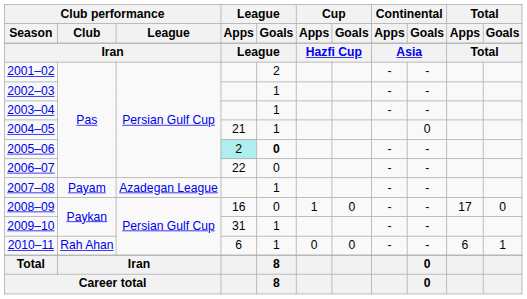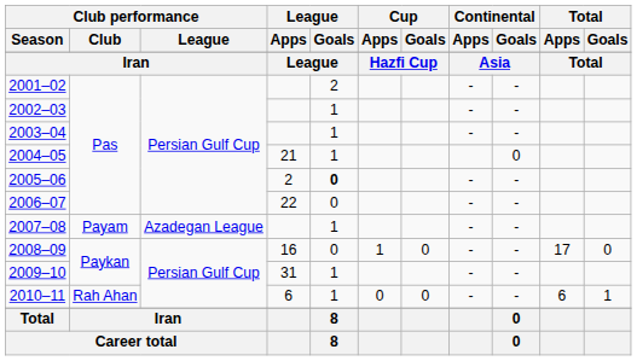 <table class="wikitable" style="text-align:center">
 <tr>
 <th colspan=3>Club performance</th>
 <th colspan=2>League</th>
 <th colspan=2>Cup</th>
 <th colspan=2>Continental</th>
 <th colspan=2>Total</th>
 </tr>
 <tr>
 <th>Season</th>
 <th>Club</th>
 <th>League</th>
 <th>Apps</th>
 <th>Goals</th>
 <th>Apps</th>
 <th>Goals</th>
 <th>Apps</th>
 <th>Goals</th>
 <th>Apps</th>
 <th>Goals</th>
 </tr>
 <tr>
 </tr>
 <tr>
 <th colspan=3>Iran</th>
 <th colspan=2>League</th>
 <th colspan=2><a href='#'>Hazfi Cup</a></th>
 <th colspan=2><a href='#'>Asia</a></th>
 <th colspan=2>Total</th>
 </tr>
 <tr>
 <td><a href='#'>2001–02</a></td>
 <td rowspan="6"><a href='#'>Pas</a></td>
 <td rowspan="6"><a href='#'>Persian Gulf Cup</a></td>
 <td></td>
 <td>2</td>
 <td></td>
 <td></td>
 <td>-</td>
 <td>-</td>
 <td></td>
 <td></td>
 </tr>
 <tr>
 <td><a href='#'>2002–03</a></td>
 <td></td>
 <td>1</td>
 <td></td>
 <td></td>
 <td>-</td>
 <td>-</td>
 <td></td>
 <td></td>
 </tr>
 <tr>
 <td><a href='#'>2003–04</a></td>
 <td></td>
 <td>1</td>
 <td></td>
 <td></td>
 <td>-</td>
 <td>-</td>
 <td></td>
 <td></td>
 </tr>
 <tr>
 <td><a href='#'>2004–05</a></td>
 <td>21</td>
 <td>1</td>
 <td></td>
 <td></td>
 <td></td>
 <td>0</td>
 <td></td>
 <td></td>
 </tr>
 <tr>
 <td><a href='#'>2005–06</a></td>
-<td style="background: paleturquoise;">2</td>
+<td>2</td>
 <td><strong>0</strong></td>
 <td></td>
 <td></td>
 <td>-</td>
 <td>-</td>
 <td></td>
 <td></td>
 </tr>
 <tr>
 <td><a href='#'>2006–07</a></td>
 <td>22</td>
 <td>0</td>
 <td></td>
 <td></td>
 <td>-</td>
 <td>-</td>
 <td></td>
 <td></td>
 </tr>
 <tr>
 <td><a href='#'>2007–08</a></td>
 <td rowspan="1"><a href='#'>Payam</a></td>
 <td rowspan="1"><a href='#'>Azadegan League</a></td>
 <td></td>
 <td>1</td>
 <td></td>
 <td></td>
 <td>-</td>
 <td>-</td>
 <td></td>
 <td></td>
 </tr>
 <tr>
 <td><a href='#'>2008–09</a></td>
 <td rowspan="2"><a href='#'>Paykan</a></td>
 <td rowspan="3"><a href='#'>Persian Gulf Cup</a></td>
 <td>16</td>
 <td>0</td>
 <td>1</td>
 <td>0</td>
 <td>-</td>
 <td>-</td>
 <td>17</td>
 <td>0</td>
 </tr>
 <tr>
 <td><a href='#'>2009–10</a></td>
 <td>31</td>
 <td>1</td>
 <td></td>
 <td></td>
 <td>-</td>
 <td>-</td>
 <td></td>
 <td></td>
 </tr>
 <tr>
 <td><a href='#'>2010–11</a></td>
 <td rowspan="1"><a href='#'>Rah Ahan</a></td>
 <td>6</td>
 <td>1</td>
 <td>0</td>
 <td>0</td>
 <td>-</td>
 <td>-</td>
 <td>6</td>
 <td>1</td>
 </tr>
 <tr>
 </tr>
 <tr>
 <th rowspan=1>Total</th>
 <th colspan=2>Iran</th>
 <th></th>
 <th>8</th>
 <th></th>
 <th></th>
 <th></th>
 <th>0</th>
 <th></th>
 <th></th>
 </tr>
 <tr>
 <th colspan=3>Career total</th>
 <th></th>
 <th>8</th>
 <th></th>
 <th></th>
 <th></th>
 <th>0</th>
 <th></th>
 <th></th>
 </tr>
 </table>
